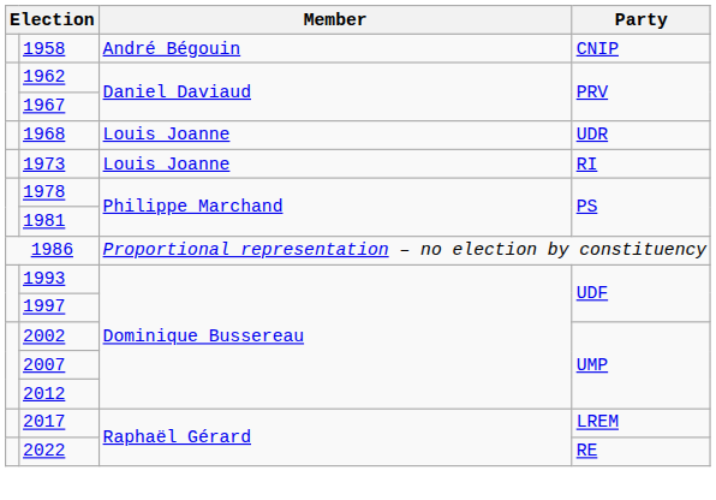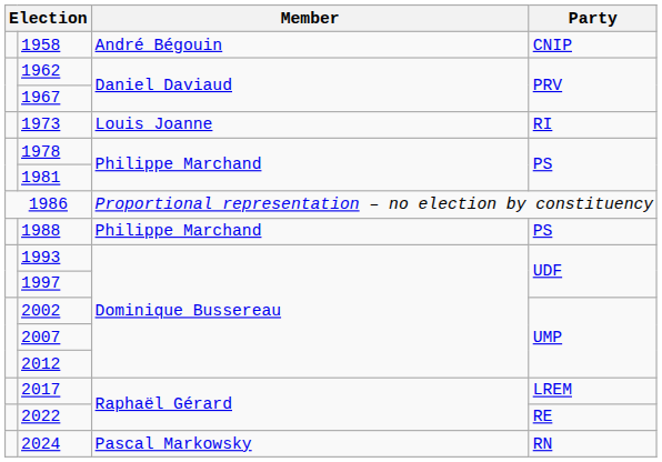 <table class="wikitable">
 <tr>
 <th colspan="2">Election</th>
 <th>Member</th>
 <th>Party</th>
 </tr>
 <tr>
 <td style="color:inherit;background-color: "></td>
 <td><a href='#'>1958</a></td>
 <td><a href='#'>André Bégouin</a></td>
 <td><a href='#'>CNIP</a></td>
 </tr>
 <tr>
 <td rowspan="2" style="color:inherit;background-color: "></td>
 <td><a href='#'>1962</a></td>
 <td rowspan="2"><a href='#'>Daniel Daviaud</a></td>
 <td rowspan="2"><a href='#'>PRV</a></td>
 </tr>
 <tr>
 <td><a href='#'>1967</a></td>
 </tr>
 <tr>
 <td style="color:inherit;background-color: "></td>
-<td><a href='#'>1968</a></td>
-<td><a href='#'>Louis Joanne</a></td>
-<td><a href='#'>UDR</a></td>
-</tr>
-<tr>
-<td style="color:inherit;background-color: "></td>
 <td><a href='#'>1973</a></td>
 <td><a href='#'>Louis Joanne</a></td>
 <td><a href='#'>RI</a></td>
 </tr>
 <tr>
 <td rowspan="2" style="color:inherit;background-color: "></td>
 <td><a href='#'>1978</a></td>
 <td rowspan="2"><a href='#'>Philippe Marchand</a></td>
 <td rowspan="2"><a href='#'>PS</a></td>
 </tr>
 <tr>
 <td><a href='#'>1981</a></td>
 </tr>
 <tr>
 <td colspan="2" align="center"><a href='#'>1986</a></td>
 <td colspan="2"><em><a href='#'>Proportional representation</a> – no election by constituency</em></td>
+</tr>
+<tr>
+<td style="color:inherit;background-color: "></td>
+<td><a href='#'>1988</a></td>
+<td><a href='#'>Philippe Marchand</a></td>
+<td><a href='#'>PS</a></td>
 </tr>
 <tr>
 <td rowspan="2" style="color:inherit;background-color: "></td>
 <td><a href='#'>1993</a></td>
 <td rowspan="5"><a href='#'>Dominique Bussereau</a></td>
 <td rowspan="2"><a href='#'>UDF</a></td>
 </tr>
 <tr>
 <td><a href='#'>1997</a></td>
 </tr>
 <tr>
 <td rowspan="3" style="color:inherit;background-color: "></td>
 <td><a href='#'>2002</a></td>
 <td rowspan="3"><a href='#'>UMP</a></td>
 </tr>
 <tr>
 <td><a href='#'>2007</a></td>
 </tr>
 <tr>
 <td><a href='#'>2012</a></td>
 </tr>
 <tr>
 <td style="color:inherit;background-color: "></td>
 <td><a href='#'>2017</a></td>
 <td rowspan="2"><a href='#'>Raphaël Gérard</a></td>
 <td><a href='#'>LREM</a></td>
 </tr>
 <tr>
 <td style="color:inherit;background-color: "></td>
 <td><a href='#'>2022</a></td>
 <td><a href='#'>RE</a></td>
 </tr>
+<tr>
+<td style="color:inherit;background-color: "></td>
+<td><a href='#'>2024</a></td>
+<td><a href='#'>Pascal Markowsky</a></td>
+<td><a href='#'>RN</a></td>
+</tr>
 </table>
